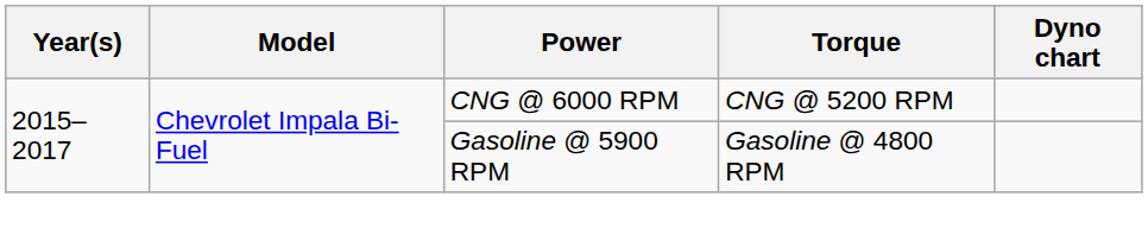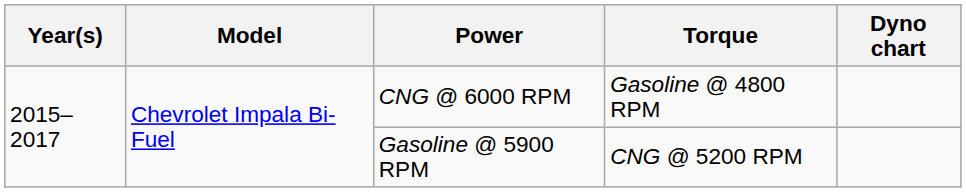 <table class="wikitable" style="font-size: 90%">
 <tr>
 <th>Year(s)</th>
 <th>Model</th>
 <th>Power</th>
 <th>Torque</th>
 <th>Dyno chart</th>
 </tr>
 <tr>
 <td rowspan=2>2015–2017</td>
 <td rowspan=2><a href='#'>Chevrolet Impala Bi-Fuel</a></td>
 <td><em>CNG</em>  @ 6000 RPM</td>
-<td><em>CNG</em>  @ 5200 RPM</td>
+<td><em>Gasoline</em>  @ 4800 RPM</td>
 <td></td>
 </tr>
 <tr>
 <td><em>Gasoline</em>  @ 5900 RPM</td>
-<td><em>Gasoline</em>  @ 4800 RPM</td>
+<td><em>CNG</em>  @ 5200 RPM</td>
 <td></td>
 </tr>
 </table>
